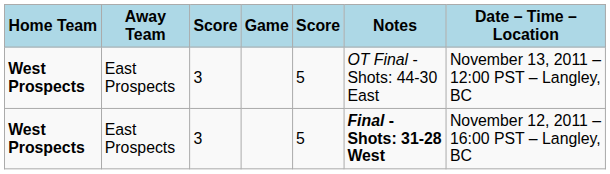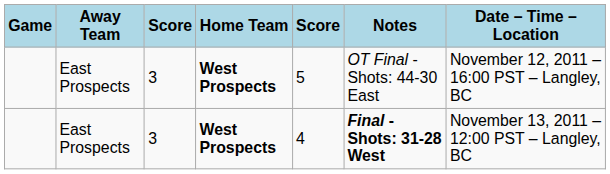 <table class="wikitable">
 <tr>
-<th style="background:lightblue;">Home Team</th>
+<th style="background:lightblue;">Game</th>
 <th style="background:lightblue;">Away Team</th>
 <th style="background:lightblue;">Score</th>
-<th style="background:lightblue;">Game</th>
+<th style="background:lightblue;">Home Team</th>
 <th style="background:lightblue;">Score</th>
 <th style="background:lightblue;">Notes</th>
 <th style="background:lightblue;">Date – Time – Location</th>
 </tr>
 <tr bgcolor=>
-<td><strong>West Prospects</strong></td>
+<td></td>
 <td>East Prospects</td>
 <td>3</td>
-<td></td>
+<td><strong>West Prospects</strong></td>
 <td>5</td>
 <td><em>OT Final</em> - Shots: 44-30 East</td>
+<td>November 12, 2011 – 16:00 PST – Langley, BC</td>
+</tr>
+<tr bgcolor=>
+<td></td>
+<td>East Prospects</td>
+<td>3</td>
+<td><strong>West Prospects</strong></td>
+<td>4</td>
+<td><strong><em>Final</em> - Shots: 31-28 West</strong></td>
 <td>November 13, 2011 – 12:00 PST – Langley, BC</td>
 </tr>
-<tr bgcolor=>
-<td><strong>West Prospects</strong></td>
-<td>East Prospects</td>
-<td>3</td>
-<td></td>
-<td>5</td>
-<td><strong><em>Final</em> - Shots: 31-28 West</strong></td>
-<td>November 12, 2011 – 16:00 PST – Langley, BC</td>
-</tr>
 </table>
